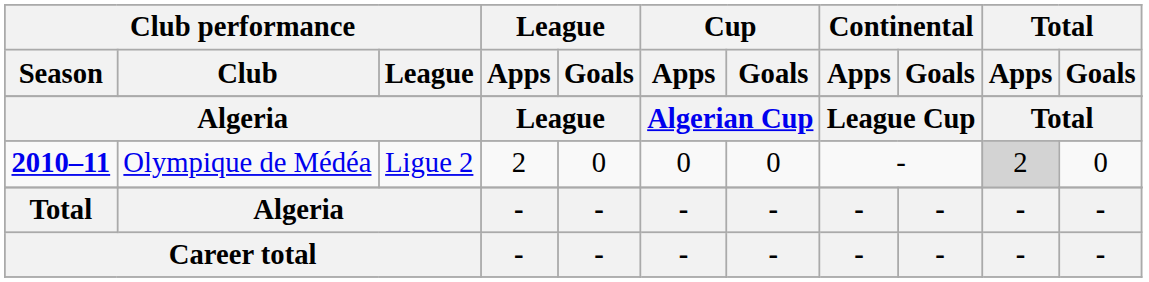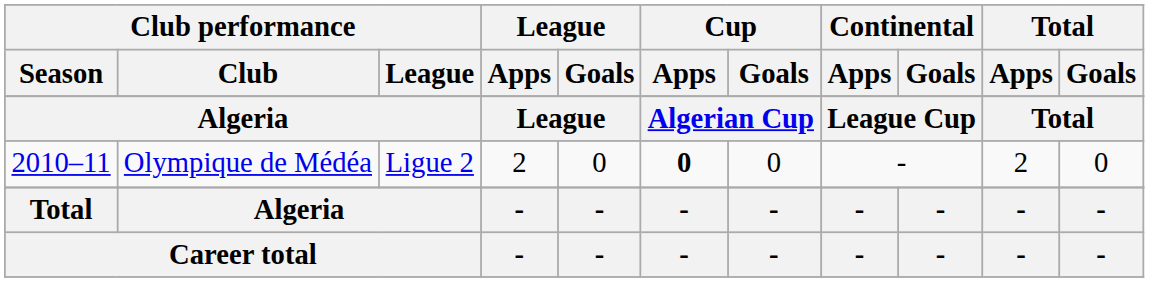 <table class="wikitable" style="text-align:center">
 <tr>
 <th colspan=3>Club performance</th>
 <th colspan=2>League</th>
 <th colspan=2>Cup</th>
 <th colspan=2>Continental</th>
 <th colspan=2>Total</th>
 </tr>
 <tr>
 <th>Season</th>
 <th>Club</th>
 <th>League</th>
 <th>Apps</th>
 <th>Goals</th>
 <th>Apps</th>
 <th>Goals</th>
 <th>Apps</th>
 <th>Goals</th>
 <th>Apps</th>
 <th>Goals</th>
 </tr>
 <tr>
 </tr>
 <tr>
 <th colspan=3>Algeria</th>
 <th colspan=2>League</th>
 <th colspan=2><a href='#'>Algerian Cup</a></th>
 <th colspan=2>League Cup</th>
 <th colspan=2>Total</th>
 </tr>
 <tr>
-<td><strong><a href='#'>2010–11</a></strong></td>
+<td><a href='#'>2010–11</a></td>
 <td rowspan="1"><a href='#'>Olympique de Médéa</a></td>
 <td rowspan="1"><a href='#'>Ligue 2</a></td>
 <td>2</td>
 <td>0</td>
-<td>0</td>
+<td><strong>0</strong></td>
 <td>0</td>
 <td colspan="2">-</td>
-<td style="background: lightgrey;">2</td>
+<td>2</td>
 <td>0</td>
 </tr>
 <tr>
 </tr>
 <tr>
 <th rowspan=1>Total</th>
 <th colspan=2>Algeria</th>
 <th>-</th>
 <th>-</th>
 <th>-</th>
 <th>-</th>
 <th>-</th>
 <th>-</th>
 <th>-</th>
 <th>-</th>
 </tr>
 <tr>
 <th colspan=3>Career total</th>
 <th>-</th>
 <th>-</th>
 <th>-</th>
 <th>-</th>
 <th>-</th>
 <th>-</th>
 <th>-</th>
 <th>-</th>
 </tr>
 </table>
